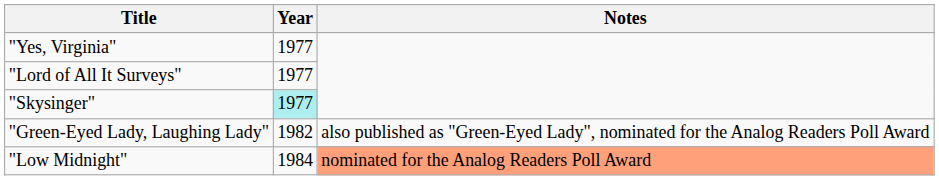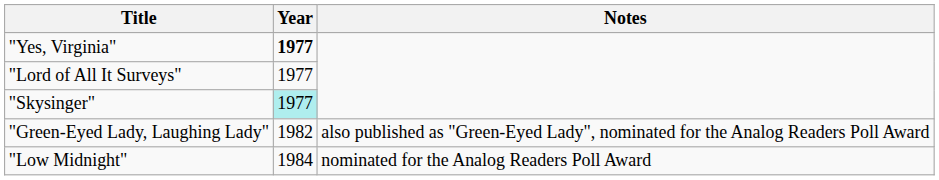 <table class="wikitable">
 <tr>
 <th>Title</th>
 <th>Year</th>
 <th>Notes</th>
 </tr>
 <tr>
 <td>"Yes, Virginia"</td>
-<td>1977</td>
+<td><strong>1977</strong></td>
 </tr>
 <tr>
 <td>"Lord of All It Surveys"</td>
 <td>1977</td>
 </tr>
 <tr>
 <td>"Skysinger"</td>
 <td style="background: paleturquoise;">1977</td>
 </tr>
 <tr>
 <td>"Green-Eyed Lady, Laughing Lady"</td>
 <td>1982</td>
 <td>also published as "Green-Eyed Lady", nominated for the Analog Readers Poll Award</td>
 </tr>
 <tr>
 <td>"Low Midnight"</td>
 <td>1984</td>
-<td style="background: lightsalmon;">nominated for the Analog Readers Poll Award</td>
+<td>nominated for the Analog Readers Poll Award</td>
 </tr>
 </table>
